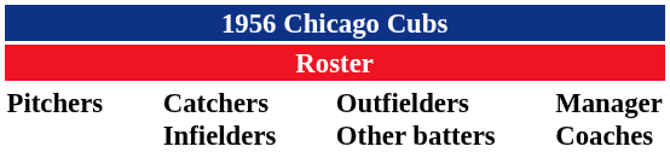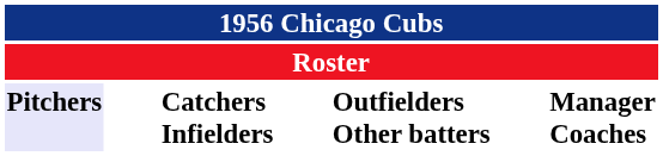 <table class="toccolours" style="font-size: 95%;">
 <tr>
 <th colspan="10" style="background-color: #0e3386; color: white; text-align: center;">1956 Chicago Cubs</th>
 </tr>
 <tr>
 <td colspan="10" style="background-color: #EE1422; color: white; text-align: center;"><strong>Roster</strong></td>
 </tr>
 <tr>
-<td valign="top"><strong>Pitchers</strong><br>               </td>
+<td valign="top" style="background: lavender;"><strong>Pitchers</strong><br>               </td>
 <td width="25px"></td>
 <td valign="top"><strong>Catchers</strong><br>     <strong>Infielders</strong>        </td>
 <td width="25px"></td>
 <td valign="top"><strong>Outfielders</strong><br>      <strong>Other batters</strong>  </td>
 <td width="25px"></td>
 <td valign="top"><strong>Manager</strong><br> <strong>Coaches</strong>   </td>
 </tr>
 <tr>
 </tr>
 </table>
